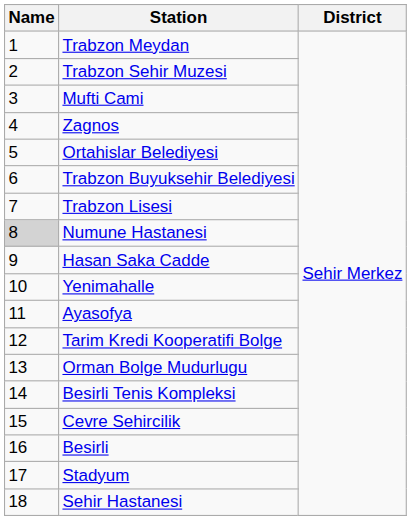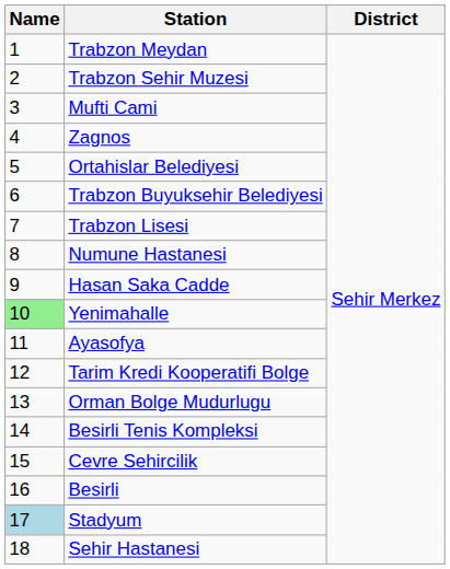 <table class="wikitable">
 <tr>
 <th>Name</th>
 <th>Station</th>
 <th>District</th>
 </tr>
 <tr>
 <td>1</td>
 <td><a href='#'>Trabzon Meydan</a></td>
 <td rowspan="20"><a href='#'>Sehir Merkez</a></td>
 </tr>
 <tr>
 <td>2</td>
 <td><a href='#'>Trabzon Sehir Muzesi</a></td>
 </tr>
 <tr>
 <td>3</td>
 <td><a href='#'>Mufti Cami</a></td>
 </tr>
 <tr>
 <td>4</td>
 <td><a href='#'>Zagnos</a></td>
 </tr>
 <tr>
 <td>5</td>
 <td><a href='#'>Ortahislar Belediyesi</a></td>
 </tr>
 <tr>
 <td>6</td>
 <td><a href='#'>Trabzon Buyuksehir Belediyesi</a></td>
 </tr>
 <tr>
 <td>7</td>
 <td><a href='#'>Trabzon Lisesi</a></td>
 </tr>
 <tr>
-<td style="background: lightgrey;">8</td>
+<td>8</td>
 <td><a href='#'>Numune Hastanesi</a></td>
 </tr>
 <tr>
 <td>9</td>
 <td><a href='#'>Hasan Saka Cadde</a></td>
 </tr>
 <tr>
-<td>10</td>
+<td style="background: lightgreen;">10</td>
 <td><a href='#'>Yenimahalle</a></td>
 </tr>
 <tr>
 <td>11</td>
 <td><a href='#'>Ayasofya</a></td>
 </tr>
 <tr>
 <td>12</td>
 <td><a href='#'>Tarim Kredi Kooperatifi Bolge</a></td>
 </tr>
 <tr>
 <td>13</td>
 <td><a href='#'>Orman Bolge Mudurlugu</a></td>
 </tr>
 <tr>
 <td>14</td>
 <td><a href='#'>Besirli Tenis Kompleksi</a></td>
 </tr>
 <tr>
 <td>15</td>
 <td><a href='#'>Cevre Sehircilik</a></td>
 </tr>
 <tr>
 <td>16</td>
 <td><a href='#'>Besirli</a></td>
 </tr>
 <tr>
-<td>17</td>
+<td style="background: lightblue;">17</td>
 <td><a href='#'>Stadyum</a></td>
 </tr>
 <tr>
 <td>18</td>
 <td><a href='#'>Sehir Hastanesi</a></td>
 </tr>
 </table>
